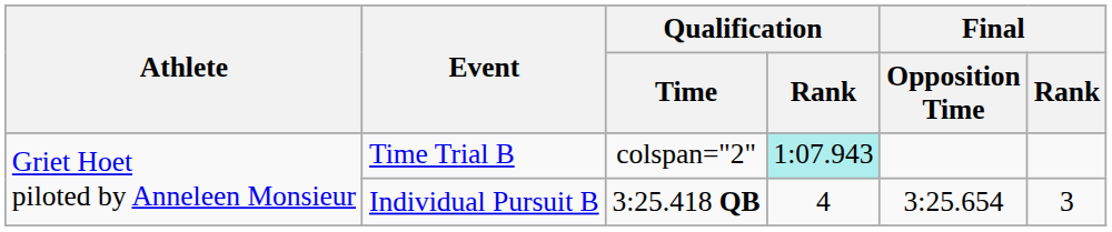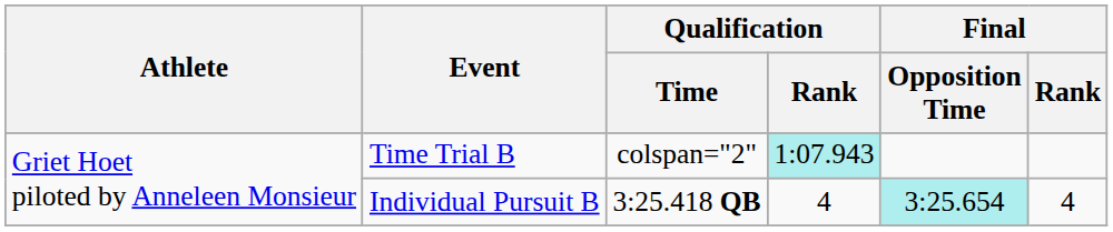 <table class=wikitable style="font-size:90%">
 <tr>
 <th rowspan="2">Athlete</th>
 <th rowspan="2">Event</th>
 <th colspan="2">Qualification</th>
 <th colspan="2">Final</th>
 </tr>
 <tr>
 <th>Time</th>
 <th>Rank</th>
 <th>Opposition<br>Time</th>
 <th>Rank</th>
 </tr>
 <tr align=center>
 <td align=left rowspan=2><a href='#'>Griet Hoet</a><br> piloted by <a href='#'>Anneleen Monsieur</a></td>
 <td align=left><a href='#'>Time Trial B</a></td>
 <td>colspan="2" </td>
 <td style="background: paleturquoise;">1:07.943</td>
 <td></td>
 </tr>
 <tr align=center>
 <td align=left><a href='#'>Individual Pursuit B</a></td>
 <td>3:25.418 <strong>QB</strong></td>
 <td>4</td>
-<td>3:25.654</td>
-<td>3</td>
+<td style="background: paleturquoise;">3:25.654</td>
+<td>4</td>
 </tr>
 </table>
